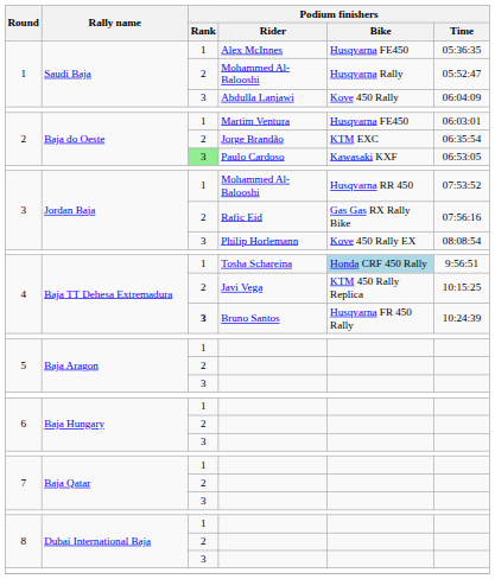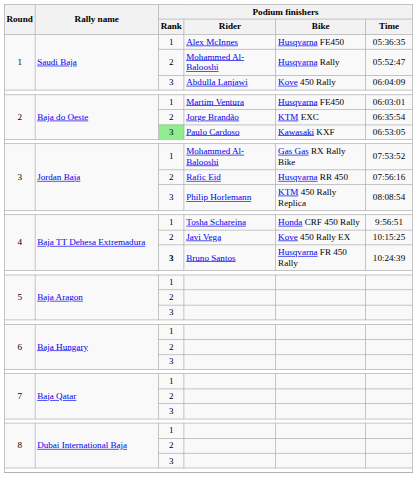 <table class="wikitable" style="font-size:85%;">
 <tr>
 <th rowspan=2>Round</th>
 <th style="width:22em" rowspan=2>Rally name</th>
 <th colspan=4>Podium finishers</th>
 </tr>
 <tr>
 <th>Rank</th>
 <th style="width:15em">Rider</th>
 <th style="width:15em">Bike</th>
 <th style="width:6em">Time</th>
 </tr>
 <tr>
 <td rowspan=3 align=center>1</td>
 <td rowspan=3> <a href='#'>Saudi Baja</a></td>
 <td align=center>1</td>
 <td> <a href='#'>Alex McInnes</a></td>
 <td><a href='#'>Husqvarna</a> FE450</td>
 <td align=center>05:36:35</td>
 </tr>
 <tr>
 <td align=center>2</td>
 <td> <a href='#'>Mohammed Al-Balooshi</a></td>
 <td><a href='#'>Husqvarna</a> Rally</td>
 <td align=center>05:52:47</td>
 </tr>
 <tr>
 <td align=center>3</td>
 <td> <a href='#'>Abdulla Lanjawi</a></td>
 <td><a href='#'>Kove</a> 450 Rally</td>
 <td align=center>06:04:09</td>
 </tr>
 <tr style="background:white;">
 <td colspan="6"></td>
 </tr>
 <tr>
 <td rowspan=3 align=center>2</td>
 <td rowspan=3> <a href='#'>Baja do Oeste</a></td>
 <td align=center>1</td>
 <td> <a href='#'>Martim Ventura</a></td>
 <td><a href='#'>Husqvarna</a> FE450</td>
 <td align=center>06:03:01</td>
 </tr>
 <tr>
 <td align=center>2</td>
 <td> <a href='#'>Jorge Brandão</a></td>
 <td><a href='#'>KTM</a> EXC</td>
 <td align=center>06:35:54</td>
 </tr>
 <tr>
 <td align=center style="background: lightgreen;">3</td>
 <td> <a href='#'>Paulo Cardoso</a></td>
 <td><a href='#'>Kawasaki</a> KXF</td>
 <td align=center>06:53:05</td>
 </tr>
 <tr style="background:white;">
 <td colspan="6"></td>
 </tr>
 <tr>
 <td rowspan=3 align=center>3</td>
 <td rowspan=3> <a href='#'>Jordan Baja</a></td>
 <td align=center>1</td>
 <td> <a href='#'>Mohammed Al-Balooshi</a></td>
-<td><a href='#'>Husqvarna</a> RR 450</td>
+<td><a href='#'>Gas Gas</a> RX Rally Bike</td>
 <td align=center>07:53:52</td>
 </tr>
 <tr>
 <td align=center>2</td>
 <td> <a href='#'>Rafic Eid</a></td>
-<td><a href='#'>Gas Gas</a> RX Rally Bike</td>
+<td><a href='#'>Husqvarna</a> RR 450</td>
 <td align=center>07:56:16</td>
 </tr>
 <tr>
 <td align=center>3</td>
 <td> <a href='#'>Philip Horlemann</a></td>
-<td><a href='#'>Kove</a> 450 Rally EX</td>
+<td><a href='#'>KTM</a> 450 Rally Replica</td>
 <td align=center>08:08:54</td>
 </tr>
 <tr style="background:white;">
 <td colspan="6"></td>
 </tr>
 <tr>
 <td rowspan=3 align=center>4</td>
 <td rowspan=3> <a href='#'>Baja TT Dehesa Extremadura</a></td>
 <td align=center>1</td>
 <td> <a href='#'>Tosha Schareina</a></td>
-<td style="background: lightblue;"><a href='#'>Honda</a> CRF 450 Rally</td>
+<td><a href='#'>Honda</a> CRF 450 Rally</td>
 <td align=center>9:56:51</td>
 </tr>
 <tr>
 <td align=center>2</td>
 <td> <a href='#'>Javi Vega</a></td>
-<td><a href='#'>KTM</a> 450 Rally Replica</td>
+<td><a href='#'>Kove</a> 450 Rally EX</td>
 <td align=center>10:15:25</td>
 </tr>
 <tr>
 <td align=center><strong>3</strong></td>
 <td> <a href='#'>Bruno Santos</a></td>
 <td><a href='#'>Husqvarna</a> FR 450 Rally</td>
 <td align=center>10:24:39</td>
 </tr>
 <tr style="background:white;">
 <td colspan="6"></td>
 </tr>
 <tr>
 <td rowspan=3 align=center>5</td>
 <td rowspan=3> <a href='#'>Baja Aragon</a></td>
 <td align=center>1</td>
 <td></td>
 <td></td>
 <td align=center></td>
 </tr>
 <tr>
 <td align=center>2</td>
 <td></td>
 <td></td>
 <td align=center></td>
 </tr>
 <tr>
 <td align=center>3</td>
 <td></td>
 <td></td>
 <td align=center></td>
 </tr>
 <tr style="background:white;">
 <td colspan="6"></td>
 </tr>
 <tr>
 <td rowspan=3 align=center>6</td>
 <td rowspan=3> <a href='#'>Baja Hungary</a></td>
 <td align=center>1</td>
 <td></td>
 <td></td>
 <td align=center></td>
 </tr>
 <tr>
 <td align=center>2</td>
 <td></td>
 <td></td>
 <td align=center></td>
 </tr>
 <tr>
 <td align=center>3</td>
 <td></td>
 <td></td>
 <td align=center></td>
 </tr>
 <tr style="background:white;">
 <td colspan="6"></td>
 </tr>
 <tr>
 <td rowspan=3 align=center>7</td>
 <td rowspan=3> <a href='#'>Baja Qatar</a></td>
 <td align=center>1</td>
 <td></td>
 <td></td>
 <td align=center></td>
 </tr>
 <tr>
 <td align=center>2</td>
 <td></td>
 <td></td>
 <td align=center></td>
 </tr>
 <tr>
 <td align=center>3</td>
 <td></td>
 <td></td>
 <td align=center></td>
 </tr>
 <tr style="background:white;">
 <td colspan="6"></td>
 </tr>
 <tr>
 <td rowspan=3 align=center>8</td>
 <td rowspan=3> <a href='#'>Dubai International Baja</a></td>
 <td align=center>1</td>
 <td></td>
 <td></td>
 <td align=center></td>
 </tr>
 <tr>
 <td align=center>2</td>
 <td></td>
 <td></td>
 <td align=center></td>
 </tr>
 <tr>
 <td align=center>3</td>
 <td></td>
 <td></td>
 <td align=center></td>
 </tr>
 <tr style="background:white;">
 <td colspan="6"></td>
 </tr>
 <tr>
 </tr>
 </table>
